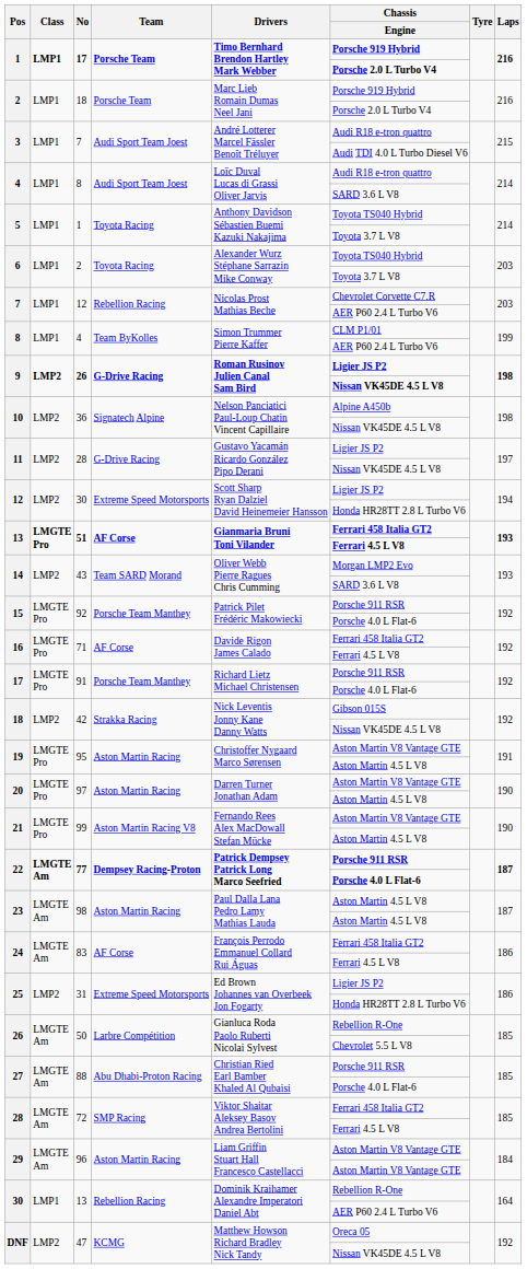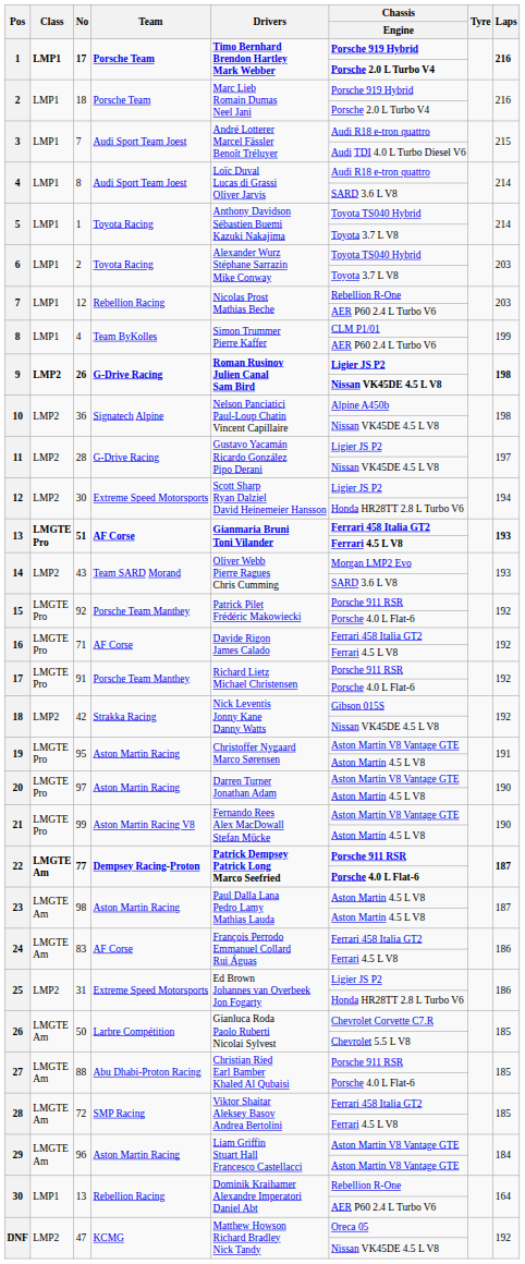 <table class="wikitable" style="font-size: 95%;">
 <tr>
 <th rowspan=2>Pos</th>
 <th rowspan=2>Class</th>
 <th rowspan=2>No</th>
 <th rowspan=2>Team</th>
 <th rowspan=2>Drivers</th>
 <th>Chassis</th>
 <th rowspan=2>Tyre</th>
 <th rowspan=2>Laps</th>
 </tr>
 <tr>
 <th>Engine</th>
 </tr>
 <tr style="font-weight:bold">
 <th rowspan=2>1</th>
 <td rowspan=2>LMP1</td>
 <td rowspan=2>17</td>
 <td rowspan=2> <a href='#'>Porsche Team</a></td>
 <td rowspan=2> <a href='#'>Timo Bernhard</a><br> <a href='#'>Brendon Hartley</a><br> <a href='#'>Mark Webber</a></td>
 <td><a href='#'>Porsche 919 Hybrid</a></td>
 <td rowspan=2></td>
 <td rowspan=2>216</td>
 </tr>
 <tr style="font-weight:bold">
 <td><a href='#'>Porsche</a> 2.0 L Turbo V4</td>
 </tr>
 <tr>
 <th rowspan=2>2</th>
 <td rowspan=2>LMP1</td>
 <td rowspan=2>18</td>
 <td rowspan=2> <a href='#'>Porsche Team</a></td>
 <td rowspan=2> <a href='#'>Marc Lieb</a><br> <a href='#'>Romain Dumas</a><br> <a href='#'>Neel Jani</a></td>
 <td><a href='#'>Porsche 919 Hybrid</a></td>
 <td rowspan=2></td>
 <td rowspan=2>216</td>
 </tr>
 <tr>
 <td><a href='#'>Porsche</a> 2.0 L Turbo V4</td>
 </tr>
 <tr>
 <th rowspan=2>3</th>
 <td rowspan=2>LMP1</td>
 <td rowspan=2>7</td>
 <td rowspan=2> <a href='#'>Audi Sport Team Joest</a></td>
 <td rowspan=2> <a href='#'>André Lotterer</a><br> <a href='#'>Marcel Fässler</a><br> <a href='#'>Benoît Tréluyer</a></td>
 <td><a href='#'>Audi R18 e-tron quattro</a></td>
 <td rowspan=2></td>
 <td rowspan=2>215</td>
 </tr>
 <tr>
 <td><a href='#'>Audi</a> <a href='#'>TDI</a> 4.0 L Turbo Diesel V6</td>
 </tr>
 <tr>
 <th rowspan=2>4</th>
 <td rowspan=2>LMP1</td>
 <td rowspan=2>8</td>
 <td rowspan=2> <a href='#'>Audi Sport Team Joest</a></td>
 <td rowspan=2> <a href='#'>Loïc Duval</a><br> <a href='#'>Lucas di Grassi</a><br> <a href='#'>Oliver Jarvis</a></td>
 <td><a href='#'>Audi R18 e-tron quattro</a></td>
 <td rowspan=2></td>
 <td rowspan=2>214</td>
 </tr>
 <tr>
 <td><a href='#'>SARD</a> 3.6 L V8</td>
 </tr>
 <tr>
 <th rowspan=2>5</th>
 <td rowspan=2>LMP1</td>
 <td rowspan=2>1</td>
 <td rowspan=2> <a href='#'>Toyota Racing</a></td>
 <td rowspan=2> <a href='#'>Anthony Davidson</a><br> <a href='#'>Sébastien Buemi</a><br> <a href='#'>Kazuki Nakajima</a></td>
 <td><a href='#'>Toyota TS040 Hybrid</a></td>
 <td rowspan=2></td>
 <td rowspan=2>214</td>
 </tr>
 <tr>
 <td><a href='#'>Toyota</a> 3.7 L V8</td>
 </tr>
 <tr>
 <th rowspan=2>6</th>
 <td rowspan=2>LMP1</td>
 <td rowspan=2>2</td>
 <td rowspan=2> <a href='#'>Toyota Racing</a></td>
 <td rowspan=2> <a href='#'>Alexander Wurz</a><br> <a href='#'>Stéphane Sarrazin</a><br> <a href='#'>Mike Conway</a></td>
 <td><a href='#'>Toyota TS040 Hybrid</a></td>
 <td rowspan=2></td>
 <td rowspan=2>203</td>
 </tr>
 <tr>
 <td><a href='#'>Toyota</a> 3.7 L V8</td>
 </tr>
 <tr>
 <th rowspan=2>7</th>
 <td rowspan=2>LMP1</td>
 <td rowspan=2>12</td>
 <td rowspan=2> <a href='#'>Rebellion Racing</a></td>
 <td rowspan=2> <a href='#'>Nicolas Prost</a><br> <a href='#'>Mathias Beche</a></td>
-<td><a href='#'>Chevrolet Corvette C7.R</a></td>
+<td><a href='#'>Rebellion R-One</a></td>
 <td rowspan=2></td>
 <td rowspan=2>203</td>
 </tr>
 <tr>
 <td><a href='#'>AER</a> P60 2.4 L Turbo V6</td>
 </tr>
 <tr>
 <th rowspan=2>8</th>
 <td rowspan=2>LMP1</td>
 <td rowspan=2>4</td>
 <td rowspan=2> <a href='#'>Team ByKolles</a></td>
 <td rowspan=2> <a href='#'>Simon Trummer</a><br> <a href='#'>Pierre Kaffer</a></td>
 <td><a href='#'>CLM P1/01</a></td>
 <td rowspan=2></td>
 <td rowspan=2>199</td>
 </tr>
 <tr>
 <td><a href='#'>AER</a> P60 2.4 L Turbo V6</td>
 </tr>
 <tr style="font-weight:bold">
 <th rowspan=2>9</th>
 <td rowspan=2>LMP2</td>
 <td rowspan=2>26</td>
 <td rowspan=2> <a href='#'>G-Drive Racing</a></td>
 <td rowspan=2> <a href='#'>Roman Rusinov</a><br> <a href='#'>Julien Canal</a><br> <a href='#'>Sam Bird</a></td>
 <td><a href='#'>Ligier JS P2</a></td>
 <td rowspan=2></td>
 <td rowspan=2>198</td>
 </tr>
 <tr style="font-weight:bold">
 <td><a href='#'>Nissan</a> VK45DE 4.5 L V8</td>
 </tr>
 <tr>
 <th rowspan=2>10</th>
 <td rowspan=2>LMP2</td>
 <td rowspan=2>36</td>
 <td rowspan=2> <a href='#'>Signatech</a> <a href='#'>Alpine</a></td>
 <td rowspan=2> <a href='#'>Nelson Panciatici</a><br> <a href='#'>Paul-Loup Chatin</a><br> Vincent Capillaire</td>
 <td><a href='#'>Alpine A450b</a></td>
 <td rowspan=2></td>
 <td rowspan=2>198</td>
 </tr>
 <tr>
 <td><a href='#'>Nissan</a> VK45DE 4.5 L V8</td>
 </tr>
 <tr>
 <th rowspan=2>11</th>
 <td rowspan=2>LMP2</td>
 <td rowspan=2>28</td>
 <td rowspan=2> <a href='#'>G-Drive Racing</a></td>
 <td rowspan=2> <a href='#'>Gustavo Yacamán</a><br> <a href='#'>Ricardo González</a><br> <a href='#'>Pipo Derani</a></td>
 <td><a href='#'>Ligier JS P2</a></td>
 <td rowspan=2></td>
 <td rowspan=2>197</td>
 </tr>
 <tr>
 <td><a href='#'>Nissan</a> VK45DE 4.5 L V8</td>
 </tr>
 <tr>
 <th rowspan=2>12</th>
 <td rowspan=2>LMP2</td>
 <td rowspan=2>30</td>
 <td rowspan=2> <a href='#'>Extreme Speed Motorsports</a></td>
 <td rowspan=2> <a href='#'>Scott Sharp</a><br> <a href='#'>Ryan Dalziel</a><br> <a href='#'>David Heinemeier Hansson</a></td>
 <td><a href='#'>Ligier JS P2</a></td>
 <td rowspan=2></td>
 <td rowspan=2>194</td>
 </tr>
 <tr>
 <td><a href='#'>Honda</a> HR28TT 2.8 L Turbo V6</td>
 </tr>
 <tr style="font-weight:bold">
 <th rowspan=2>13</th>
 <td rowspan=2>LMGTE<br>Pro</td>
 <td rowspan=2>51</td>
 <td rowspan=2> <a href='#'>AF Corse</a></td>
 <td rowspan=2> <a href='#'>Gianmaria Bruni</a><br> <a href='#'>Toni Vilander</a></td>
 <td><a href='#'>Ferrari 458 Italia GT2</a></td>
 <td rowspan=2></td>
 <td rowspan=2>193</td>
 </tr>
 <tr style="font-weight:bold">
 <td><a href='#'>Ferrari</a> 4.5 L V8</td>
 </tr>
 <tr>
 <th rowspan=2>14</th>
 <td rowspan=2>LMP2</td>
 <td rowspan=2>43</td>
 <td rowspan=2> <a href='#'>Team SARD</a> <a href='#'>Morand</a></td>
 <td rowspan=2> <a href='#'>Oliver Webb</a><br> <a href='#'>Pierre Ragues</a><br> Chris Cumming</td>
 <td><a href='#'>Morgan LMP2 Evo</a></td>
 <td rowspan=2></td>
 <td rowspan=2>193</td>
 </tr>
 <tr>
 <td><a href='#'>SARD</a> 3.6 L V8</td>
 </tr>
 <tr>
 <th rowspan=2>15</th>
 <td rowspan=2>LMGTE<br>Pro</td>
 <td rowspan=2>92</td>
 <td rowspan=2> <a href='#'>Porsche Team Manthey</a></td>
 <td rowspan=2> <a href='#'>Patrick Pilet</a><br> <a href='#'>Frédéric Makowiecki</a></td>
 <td><a href='#'>Porsche 911 RSR</a></td>
 <td rowspan=2></td>
 <td rowspan=2>192</td>
 </tr>
 <tr>
 <td><a href='#'>Porsche</a> 4.0 L Flat-6</td>
 </tr>
 <tr>
 <th rowspan=2>16</th>
 <td rowspan=2>LMGTE<br>Pro</td>
 <td rowspan=2>71</td>
 <td rowspan=2> <a href='#'>AF Corse</a></td>
 <td rowspan=2> <a href='#'>Davide Rigon</a><br> <a href='#'>James Calado</a></td>
 <td><a href='#'>Ferrari 458 Italia GT2</a></td>
 <td rowspan=2></td>
 <td rowspan=2>192</td>
 </tr>
 <tr>
 <td><a href='#'>Ferrari</a> 4.5 L V8</td>
 </tr>
 <tr>
 <th rowspan=2>17</th>
 <td rowspan=2>LMGTE<br>Pro</td>
 <td rowspan=2>91</td>
 <td rowspan=2> <a href='#'>Porsche Team Manthey</a></td>
 <td rowspan=2> <a href='#'>Richard Lietz</a><br> <a href='#'>Michael Christensen</a></td>
 <td><a href='#'>Porsche 911 RSR</a></td>
 <td rowspan=2></td>
 <td rowspan=2>192</td>
 </tr>
 <tr>
 <td><a href='#'>Porsche</a> 4.0 L Flat-6</td>
 </tr>
 <tr>
 <th rowspan=2>18</th>
 <td rowspan=2>LMP2</td>
 <td rowspan=2>42</td>
 <td rowspan=2> <a href='#'>Strakka Racing</a></td>
 <td rowspan=2> <a href='#'>Nick Leventis</a><br> <a href='#'>Jonny Kane</a><br> <a href='#'>Danny Watts</a></td>
 <td><a href='#'>Gibson 015S</a></td>
 <td rowspan=2></td>
 <td rowspan=2>192</td>
 </tr>
 <tr>
 <td><a href='#'>Nissan</a> VK45DE 4.5 L V8</td>
 </tr>
 <tr>
 <th rowspan=2>19</th>
 <td rowspan=2>LMGTE<br>Pro</td>
 <td rowspan=2>95</td>
 <td rowspan=2> <a href='#'>Aston Martin Racing</a></td>
 <td rowspan=2> <a href='#'>Christoffer Nygaard</a><br> <a href='#'>Marco Sørensen</a></td>
 <td><a href='#'>Aston Martin V8 Vantage GTE</a></td>
 <td rowspan=2></td>
 <td rowspan=2>191</td>
 </tr>
 <tr>
 <td><a href='#'>Aston Martin</a> 4.5 L V8</td>
 </tr>
 <tr>
 <th rowspan=2>20</th>
 <td rowspan=2>LMGTE<br>Pro</td>
 <td rowspan=2>97</td>
 <td rowspan=2> <a href='#'>Aston Martin Racing</a></td>
 <td rowspan=2> <a href='#'>Darren Turner</a><br> <a href='#'>Jonathan Adam</a></td>
 <td><a href='#'>Aston Martin V8 Vantage GTE</a></td>
 <td rowspan=2></td>
 <td rowspan=2>190</td>
 </tr>
 <tr>
 <td><a href='#'>Aston Martin</a> 4.5 L V8</td>
 </tr>
 <tr>
 <th rowspan=2>21</th>
 <td rowspan=2>LMGTE<br>Pro</td>
 <td rowspan=2>99</td>
 <td rowspan=2> <a href='#'>Aston Martin Racing V8</a></td>
 <td rowspan=2> <a href='#'>Fernando Rees</a><br> <a href='#'>Alex MacDowall</a><br> <a href='#'>Stefan Mücke</a></td>
 <td><a href='#'>Aston Martin V8 Vantage GTE</a></td>
 <td rowspan=2></td>
 <td rowspan=2>190</td>
 </tr>
 <tr>
 <td><a href='#'>Aston Martin</a> 4.5 L V8</td>
 </tr>
 <tr style="font-weight:bold">
 <th rowspan=2>22</th>
 <td rowspan=2>LMGTE<br>Am</td>
 <td rowspan=2>77</td>
 <td rowspan=2> <a href='#'>Dempsey Racing</a>-<a href='#'>Proton</a></td>
 <td rowspan=2> <a href='#'>Patrick Dempsey</a><br> <a href='#'>Patrick Long</a><br> Marco Seefried</td>
 <td><a href='#'>Porsche 911 RSR</a></td>
 <td rowspan=2></td>
 <td rowspan=2>187</td>
 </tr>
 <tr style="font-weight:bold">
 <td><a href='#'>Porsche</a> 4.0 L Flat-6</td>
 </tr>
 <tr>
 <th rowspan=2>23</th>
 <td rowspan=2>LMGTE<br>Am</td>
 <td rowspan=2>98</td>
 <td rowspan=2> <a href='#'>Aston Martin Racing</a></td>
 <td rowspan=2> <a href='#'>Paul Dalla Lana</a><br> <a href='#'>Pedro Lamy</a><br> <a href='#'>Mathias Lauda</a></td>
 <td><a href='#'>Aston Martin</a> 4.5 L V8</td>
 <td rowspan=2></td>
 <td rowspan=2>187</td>
 </tr>
 <tr>
 <td><a href='#'>Aston Martin</a> 4.5 L V8</td>
 </tr>
 <tr>
 <th rowspan=2>24</th>
 <td rowspan=2>LMGTE<br>Am</td>
 <td rowspan=2>83</td>
 <td rowspan=2> <a href='#'>AF Corse</a></td>
 <td rowspan=2> <a href='#'>François Perrodo</a><br> <a href='#'>Emmanuel Collard</a><br> <a href='#'>Rui Águas</a></td>
 <td><a href='#'>Ferrari 458 Italia GT2</a></td>
 <td rowspan=2></td>
 <td rowspan=2>186</td>
 </tr>
 <tr>
 <td><a href='#'>Ferrari</a> 4.5 L V8</td>
 </tr>
 <tr>
 <th rowspan=2>25</th>
 <td rowspan=2>LMP2</td>
 <td rowspan=2>31</td>
 <td rowspan=2> <a href='#'>Extreme Speed Motorsports</a></td>
 <td rowspan=2> Ed Brown<br> <a href='#'>Johannes van Overbeek</a><br> <a href='#'>Jon Fogarty</a></td>
 <td><a href='#'>Ligier JS P2</a></td>
 <td rowspan=2></td>
 <td rowspan=2>186</td>
 </tr>
 <tr>
 <td><a href='#'>Honda</a> HR28TT 2.8 L Turbo V6</td>
 </tr>
 <tr>
 <th rowspan=2>26</th>
 <td rowspan=2>LMGTE<br>Am</td>
 <td rowspan=2>50</td>
 <td rowspan=2> <a href='#'>Larbre Compétition</a></td>
 <td rowspan=2> Gianluca Roda<br> <a href='#'>Paolo Ruberti</a><br> Nicolai Sylvest</td>
-<td><a href='#'>Rebellion R-One</a></td>
+<td><a href='#'>Chevrolet Corvette C7.R</a></td>
 <td rowspan=2></td>
 <td rowspan=2>185</td>
 </tr>
 <tr>
 <td><a href='#'>Chevrolet</a> 5.5 L V8</td>
 </tr>
 <tr>
 <th rowspan=2>27</th>
 <td rowspan=2>LMGTE<br>Am</td>
 <td rowspan=2>88</td>
 <td rowspan=2> <a href='#'>Abu Dhabi-Proton Racing</a></td>
 <td rowspan=2> <a href='#'>Christian Ried</a><br> <a href='#'>Earl Bamber</a><br> <a href='#'>Khaled Al Qubaisi</a></td>
 <td><a href='#'>Porsche 911 RSR</a></td>
 <td rowspan=2></td>
 <td rowspan=2>185</td>
 </tr>
 <tr>
 <td><a href='#'>Porsche</a> 4.0 L Flat-6</td>
 </tr>
 <tr>
 <th rowspan=2>28</th>
 <td rowspan=2>LMGTE<br>Am</td>
 <td rowspan=2>72</td>
 <td rowspan=2> <a href='#'>SMP Racing</a></td>
 <td rowspan=2> <a href='#'>Viktor Shaitar</a><br> <a href='#'>Aleksey Basov</a><br> <a href='#'>Andrea Bertolini</a></td>
 <td><a href='#'>Ferrari 458 Italia GT2</a></td>
 <td rowspan=2></td>
 <td rowspan=2>185</td>
 </tr>
 <tr>
 <td><a href='#'>Ferrari</a> 4.5 L V8</td>
 </tr>
 <tr>
 <th rowspan=2>29</th>
 <td rowspan=2>LMGTE<br>Am</td>
 <td rowspan=2>96</td>
 <td rowspan=2> <a href='#'>Aston Martin Racing</a></td>
 <td rowspan=2> <a href='#'>Liam Griffin</a><br> <a href='#'>Stuart Hall</a><br> <a href='#'>Francesco Castellacci</a></td>
 <td><a href='#'>Aston Martin V8 Vantage GTE</a></td>
 <td rowspan=2></td>
 <td rowspan=2>184</td>
 </tr>
 <tr>
 <td><a href='#'>Aston Martin V8 Vantage GTE</a></td>
 </tr>
 <tr>
 <th rowspan=2>30</th>
 <td rowspan=2>LMP1</td>
 <td rowspan=2>13</td>
 <td rowspan=2> <a href='#'>Rebellion Racing</a></td>
 <td rowspan=2> <a href='#'>Dominik Kraihamer</a><br> <a href='#'>Alexandre Imperatori</a><br> <a href='#'>Daniel Abt</a></td>
 <td><a href='#'>Rebellion R-One</a></td>
 <td rowspan=2></td>
 <td rowspan=2>164</td>
 </tr>
 <tr>
 <td><a href='#'>AER</a> P60 2.4 L Turbo V6</td>
 </tr>
 <tr>
 <th rowspan=2>DNF</th>
 <td rowspan=2>LMP2</td>
 <td rowspan=2>47</td>
 <td rowspan=2> <a href='#'>KCMG</a></td>
 <td rowspan=2> <a href='#'>Matthew Howson</a><br> <a href='#'>Richard Bradley</a><br> <a href='#'>Nick Tandy</a></td>
 <td><a href='#'>Oreca 05</a></td>
 <td rowspan=2></td>
 <td rowspan=2>192</td>
 </tr>
 <tr>
 <td><a href='#'>Nissan</a> VK45DE 4.5 L V8</td>
 </tr>
 </table>
